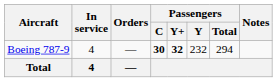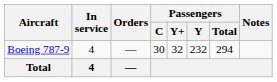 <table class="wikitable" style="text-align:center;margin:auto;">
 <tr>
 <th rowspan="2">Aircraft</th>
 <th rowspan="2">In<br>service</th>
 <th rowspan="2">Orders</th>
 <th colspan="4">Passengers</th>
 <th rowspan="2">Notes</th>
 </tr>
 <tr>
 <th><abbr>C</abbr></th>
 <th><abbr>Y+</abbr></th>
 <th><abbr>Y</abbr></th>
 <th>Total</th>
 </tr>
 <tr>
 <td><a href='#'>Boeing 787-9</a></td>
 <td>4</td>
 <td>—</td>
-<td><strong>30</strong></td>
-<td><strong>32</strong></td>
+<td>30</td>
+<td>32</td>
 <td>232</td>
 <td>294</td>
 <td></td>
 </tr>
 <tr>
 <th>Total</th>
 <th>4</th>
 <th>—</th>
 <th colspan="5"></th>
 </tr>
 </table>
